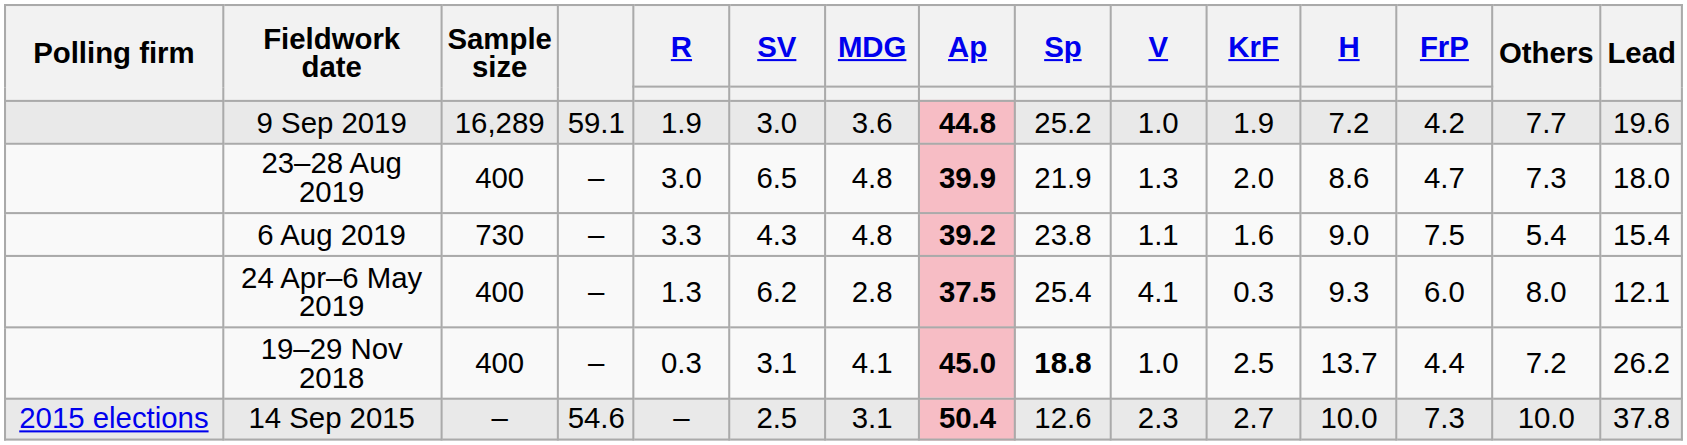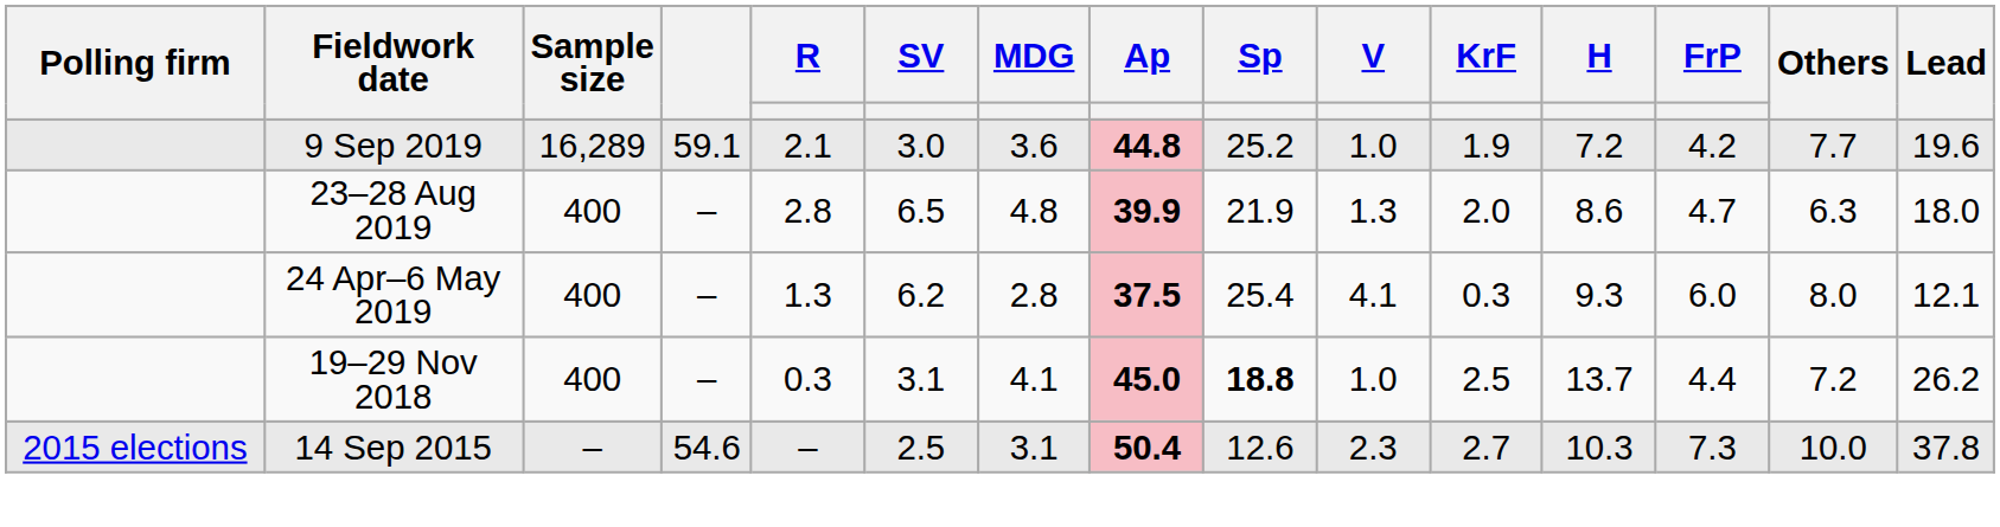 <table class="wikitable sortable" style="text-align:center;font-size:90%;line-height:14px;">
 <tr style="height:40px;">
 <th style="width:100px;" rowspan="2">Polling firm</th>
 <th style="width:100px;" rowspan="2">Fieldwork date</th>
 <th style="width:35px;" rowspan="2">Sample<br>size</th>
 <th style="width:30px;" rowspan="2"></th>
 <th class="unsortable" style="width:40px;"><a href='#'>R</a></th>
 <th class="unsortable" style="width:40px;"><a href='#'>SV</a></th>
 <th class="unsortable" style="width:40px;"><a href='#'>MDG</a></th>
 <th class="unsortable" style="width:40px;"><a href='#'>Ap</a></th>
 <th class="unsortable" style="width:40px;"><a href='#'>Sp</a></th>
 <th class="unsortable" style="width:40px;"><a href='#'>V</a></th>
 <th class="unsortable" style="width:40px;"><a href='#'>KrF</a></th>
 <th class="unsortable" style="width:40px;"><a href='#'>H</a></th>
 <th class="unsortable" style="width:40px;"><a href='#'>FrP</a></th>
 <th class="unsortable" style="width:30px;" rowspan="2">Others</th>
 <th style="width:30px;" rowspan="2">Lead</th>
 </tr>
 <tr>
 <th style="background:"></th>
 <th style="background:"></th>
 <th style="background:"></th>
 <th style="background:"></th>
 <th style="background:"></th>
 <th style="background:"></th>
 <th style="background:"></th>
 <th style="background:"></th>
 <th style="background:"></th>
 </tr>
 <tr style="background:#E9E9E9;">
 <td></td>
 <td data-sort-value="2019-09-09">9 Sep 2019</td>
 <td>16,289</td>
 <td>59.1</td>
-<td>1.9</td>
+<td>2.1</td>
 <td>3.0</td>
 <td>3.6</td>
 <td style="background:#F7BDC5;"><strong>44.8</strong></td>
 <td>25.2</td>
 <td>1.0</td>
 <td>1.9</td>
 <td>7.2</td>
 <td>4.2</td>
 <td>7.7</td>
 <td style="background:">19.6</td>
 </tr>
 <tr>
 <td></td>
 <td data-sort-value="2019-09-04">23–28 Aug 2019</td>
 <td>400</td>
 <td>–</td>
-<td>3.0</td>
+<td>2.8</td>
 <td>6.5</td>
 <td>4.8</td>
 <td style="background:#F7BDC5;"><strong>39.9</strong></td>
 <td>21.9</td>
 <td>1.3</td>
 <td>2.0</td>
 <td>8.6</td>
 <td>4.7</td>
-<td>7.3</td>
+<td>6.3</td>
 <td style="background:">18.0</td>
-</tr>
-<tr>
-<td></td>
-<td data-sort-value="2019-08-12">6 Aug 2019</td>
-<td>730</td>
-<td>–</td>
-<td>3.3</td>
-<td>4.3</td>
-<td>4.8</td>
-<td style="background:#F7BDC5;"><strong>39.2</strong></td>
-<td>23.8</td>
-<td>1.1</td>
-<td>1.6</td>
-<td>9.0</td>
-<td>7.5</td>
-<td>5.4</td>
-<td style="background:">15.4</td>
 </tr>
 <tr>
 <td></td>
 <td data-sort-value="2019-05-09">24 Apr–6 May 2019</td>
 <td>400</td>
 <td>–</td>
 <td>1.3</td>
 <td>6.2</td>
 <td>2.8</td>
 <td style="background:#F7BDC5;"><strong>37.5</strong></td>
 <td>25.4</td>
 <td>4.1</td>
 <td>0.3</td>
 <td>9.3</td>
 <td>6.0</td>
 <td>8.0</td>
 <td style="background:">12.1</td>
 </tr>
 <tr>
 <td></td>
 <td data-sort-value="2018-11-29">19–29 Nov 2018</td>
 <td>400</td>
 <td>–</td>
 <td>0.3</td>
 <td>3.1</td>
 <td>4.1</td>
 <td style="background:#F7BDC5;"><strong>45.0</strong></td>
 <td><strong>18.8</strong></td>
 <td>1.0</td>
 <td>2.5</td>
 <td>13.7</td>
 <td>4.4</td>
 <td>7.2</td>
 <td style="background:">26.2</td>
 </tr>
 <tr style="background:#E9E9E9;">
 <td><a href='#'>2015 elections</a></td>
 <td data-sort-value="2015-09-14">14 Sep 2015</td>
 <td>–</td>
 <td>54.6</td>
 <td>–</td>
 <td>2.5</td>
 <td>3.1</td>
 <td style="background:#F7BDC5;"><strong>50.4</strong></td>
 <td>12.6</td>
 <td>2.3</td>
 <td>2.7</td>
-<td>10.0</td>
+<td>10.3</td>
 <td>7.3</td>
 <td>10.0</td>
 <td style="background:">37.8</td>
 </tr>
 </table>
